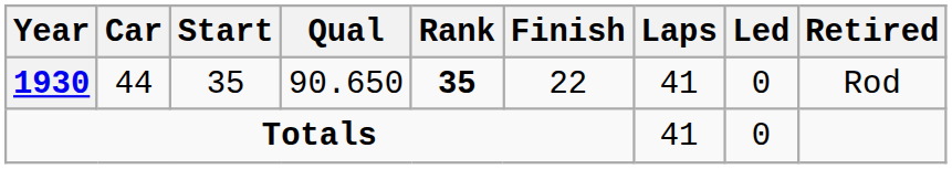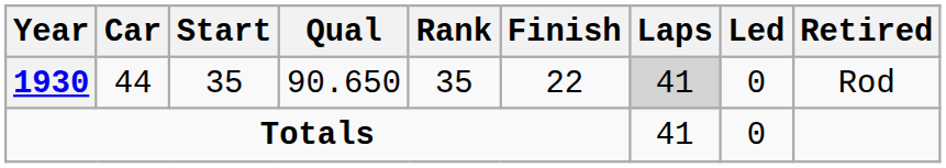 <table class="wikitable" style="text-align:center">
 <tr>
 <th>Year</th>
 <th>Car</th>
 <th>Start</th>
 <th>Qual</th>
 <th>Rank</th>
 <th>Finish</th>
 <th>Laps</th>
 <th>Led</th>
 <th>Retired</th>
 </tr>
 <tr>
 <th><a href='#'>1930</a></th>
 <td>44</td>
 <td>35</td>
 <td>90.650</td>
-<td><strong>35</strong></td>
+<td>35</td>
 <td>22</td>
-<td>41</td>
+<td style="background: lightgrey;">41</td>
 <td>0</td>
 <td>Rod</td>
 </tr>
 <tr>
 <td colspan=6><strong>Totals</strong></td>
 <td>41</td>
 <td>0</td>
 <td></td>
 </tr>
 </table>
